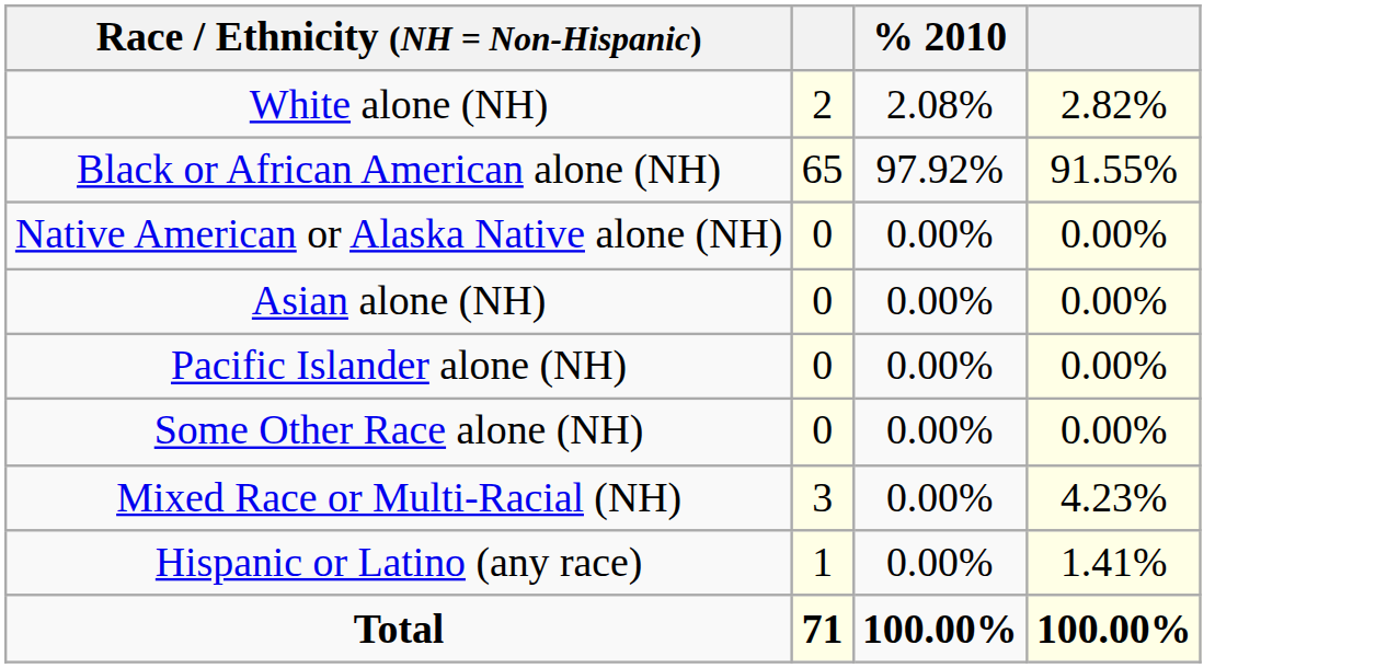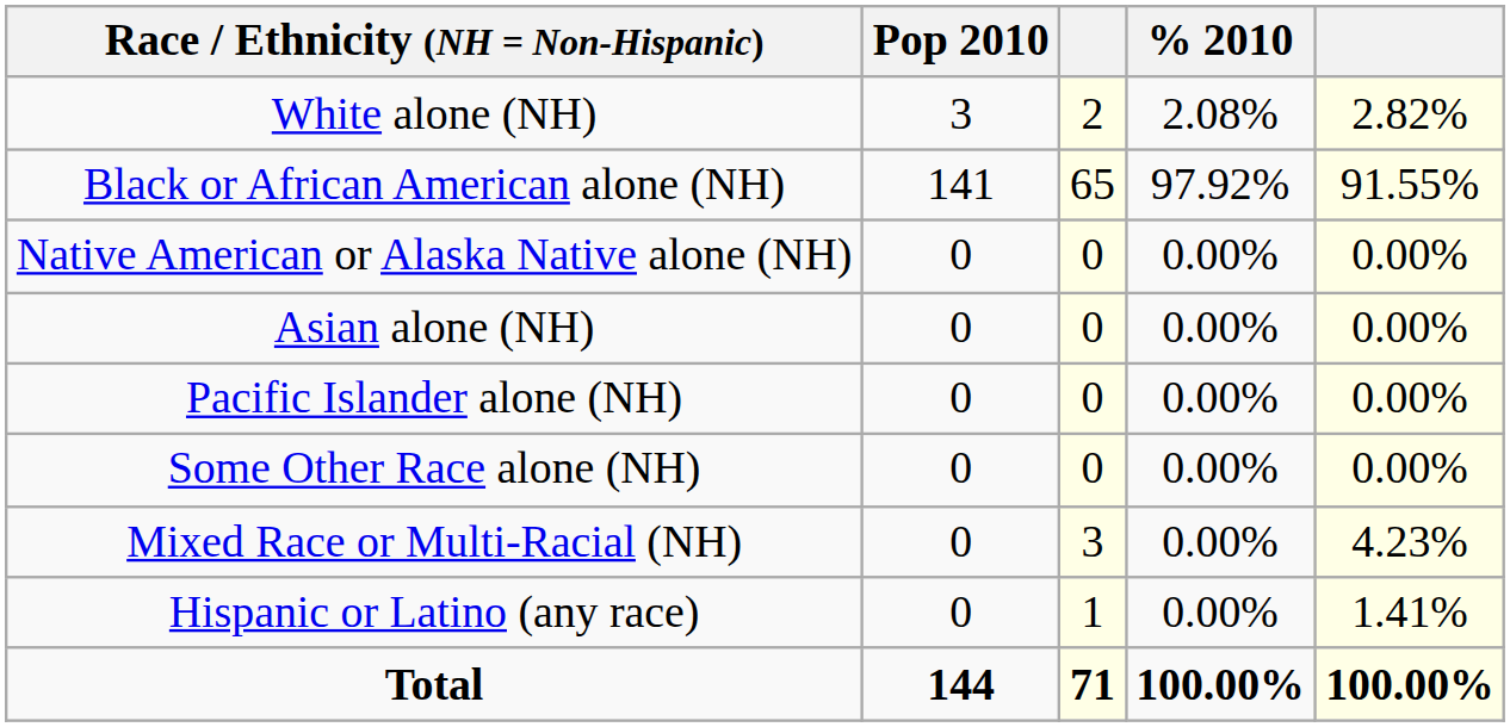 <table class="wikitable" style="text-align:center;">
 <tr>
 <th>Race / Ethnicity <small>(<em>NH = Non-Hispanic</em>)</small></th>
+<th>Pop 2010</th>
 <th></th>
 <th>% 2010</th>
 <th></th>
 </tr>
 <tr>
 <td><a href='#'>White</a> alone (NH)</td>
+<td>3</td>
 <td style='background: #ffffe6;'>2</td>
 <td>2.08%</td>
 <td style='background: #ffffe6;'>2.82%</td>
 </tr>
 <tr>
 <td><a href='#'>Black or African American</a> alone (NH)</td>
+<td>141</td>
 <td style='background: #ffffe6;'>65</td>
 <td>97.92%</td>
 <td style='background: #ffffe6;'>91.55%</td>
 </tr>
 <tr>
 <td><a href='#'>Native American</a> or <a href='#'>Alaska Native</a> alone (NH)</td>
+<td>0</td>
 <td style='background: #ffffe6;'>0</td>
 <td>0.00%</td>
 <td style='background: #ffffe6;'>0.00%</td>
 </tr>
 <tr>
 <td><a href='#'>Asian</a> alone (NH)</td>
+<td>0</td>
 <td style='background: #ffffe6;'>0</td>
 <td>0.00%</td>
 <td style='background: #ffffe6;'>0.00%</td>
 </tr>
 <tr>
 <td><a href='#'>Pacific Islander</a> alone (NH)</td>
+<td>0</td>
 <td style='background: #ffffe6;'>0</td>
 <td>0.00%</td>
 <td style='background: #ffffe6;'>0.00%</td>
 </tr>
 <tr>
 <td><a href='#'>Some Other Race</a> alone (NH)</td>
+<td>0</td>
 <td style='background: #ffffe6;'>0</td>
 <td>0.00%</td>
 <td style='background: #ffffe6;'>0.00%</td>
 </tr>
 <tr>
 <td><a href='#'>Mixed Race or Multi-Racial</a> (NH)</td>
+<td>0</td>
 <td style='background: #ffffe6;'>3</td>
 <td>0.00%</td>
 <td style='background: #ffffe6;'>4.23%</td>
 </tr>
 <tr>
 <td><a href='#'>Hispanic or Latino</a> (any race)</td>
+<td>0</td>
 <td style='background: #ffffe6;'>1</td>
 <td>0.00%</td>
 <td style='background: #ffffe6;'>1.41%</td>
 </tr>
 <tr>
 <td><strong>Total</strong></td>
+<td><strong>144</strong></td>
 <td style='background: #ffffe6;'><strong>71</strong></td>
 <td><strong>100.00%</strong></td>
 <td style='background: #ffffe6;'><strong>100.00%</strong></td>
 </tr>
 </table>
